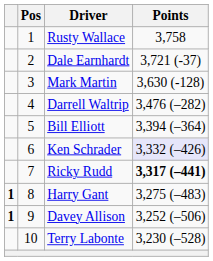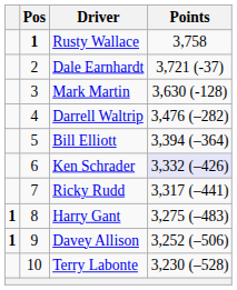 <table class="wikitable" style="font-size: 95%;">
 <tr>
 <th></th>
 <th>Pos</th>
 <th>Driver</th>
 <th>Points</th>
 </tr>
 <tr>
 <td align="left"></td>
-<td style="text-align:center;">1</td>
+<td style="text-align:center;"><strong>1</strong></td>
 <td><a href='#'>Rusty Wallace</a></td>
 <td style="text-align:center;">3,758</td>
 </tr>
 <tr>
 <td align="left"></td>
 <td style="text-align:center;">2</td>
 <td><a href='#'>Dale Earnhardt</a></td>
 <td style="text-align:center;">3,721 (-37)</td>
 </tr>
 <tr>
 <td align="left"></td>
 <td style="text-align:center;">3</td>
 <td><a href='#'>Mark Martin</a></td>
 <td style="text-align:center;">3,630 (-128)</td>
 </tr>
 <tr>
 <td align="left"></td>
 <td style="text-align:center;">4</td>
 <td><a href='#'>Darrell Waltrip</a></td>
 <td style="text-align:center;">3,476 (–282)</td>
 </tr>
 <tr>
 <td align="left"></td>
 <td style="text-align:center;">5</td>
 <td><a href='#'>Bill Elliott</a></td>
 <td style="text-align:center;">3,394 (–364)</td>
 </tr>
 <tr>
 <td align="left"></td>
 <td style="text-align:center;">6</td>
 <td><a href='#'>Ken Schrader</a></td>
 <td style="background: lavender; text-align:center;">3,332 (–426)</td>
 </tr>
 <tr>
 <td align="left"></td>
 <td style="text-align:center;">7</td>
 <td><a href='#'>Ricky Rudd</a></td>
-<td style="text-align:center;"><strong>3,317 (–441)</strong></td>
+<td style="text-align:center;">3,317 (–441)</td>
 </tr>
 <tr>
 <td align="left">  <strong>1</strong></td>
 <td style="text-align:center;">8</td>
 <td><a href='#'>Harry Gant</a></td>
 <td style="text-align:center;">3,275 (–483)</td>
 </tr>
 <tr>
 <td align="left">  <strong>1</strong></td>
 <td style="text-align:center;">9</td>
 <td><a href='#'>Davey Allison</a></td>
 <td style="text-align:center;">3,252 (–506)</td>
 </tr>
 <tr>
 <td align="left"></td>
 <td style="text-align:center;">10</td>
 <td><a href='#'>Terry Labonte</a></td>
 <td style="text-align:center;">3,230 (–528)</td>
 </tr>
 <tr class="sortbottom">
 <th colspan="9"></th>
 </tr>
 </table>
